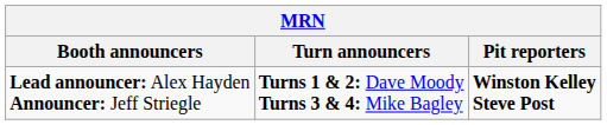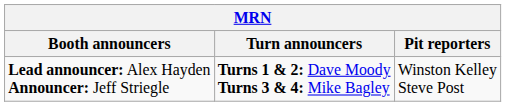 <table class="wikitable" style="font-size: 95%">
 <tr>
 <th colspan="3"><a href='#'>MRN</a></th>
 </tr>
 <tr>
 <th>Booth announcers</th>
 <th>Turn announcers</th>
 <th>Pit reporters</th>
 </tr>
 <tr>
 <td><strong>Lead announcer:</strong> Alex Hayden<br><strong>Announcer:</strong> Jeff Striegle</td>
 <td><strong>Turns 1 & 2:</strong> <a href='#'>Dave Moody</a><br><strong>Turns 3 & 4:</strong> <a href='#'>Mike Bagley</a></td>
-<td><strong>Winston Kelley<br>Steve Post</strong></td>
+<td>Winston Kelley<br>Steve Post</td>
 </tr>
 </table>
